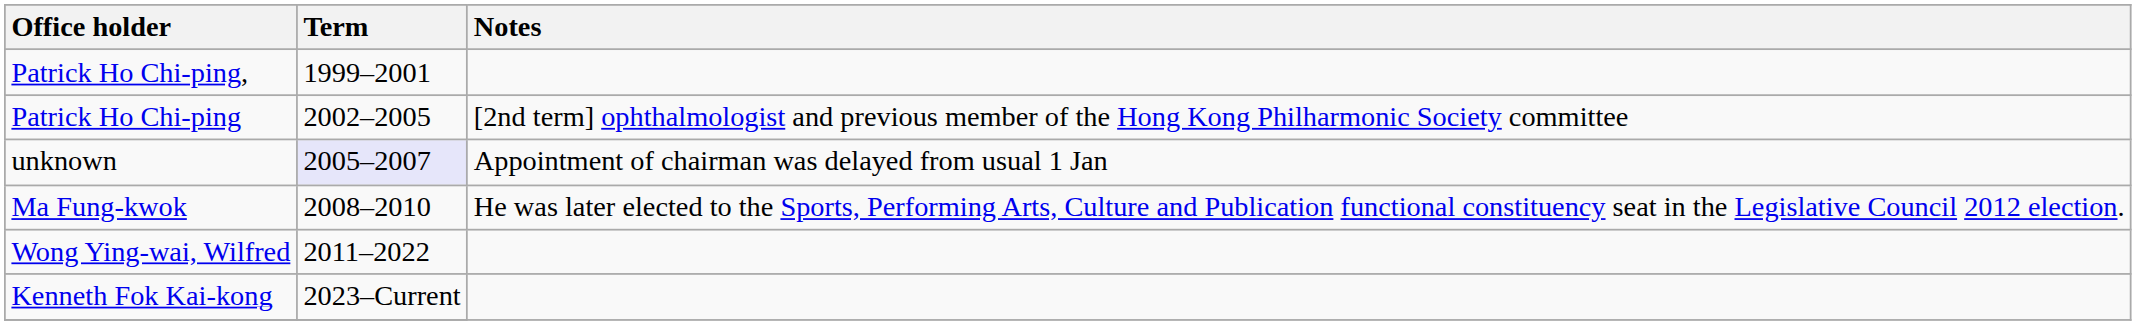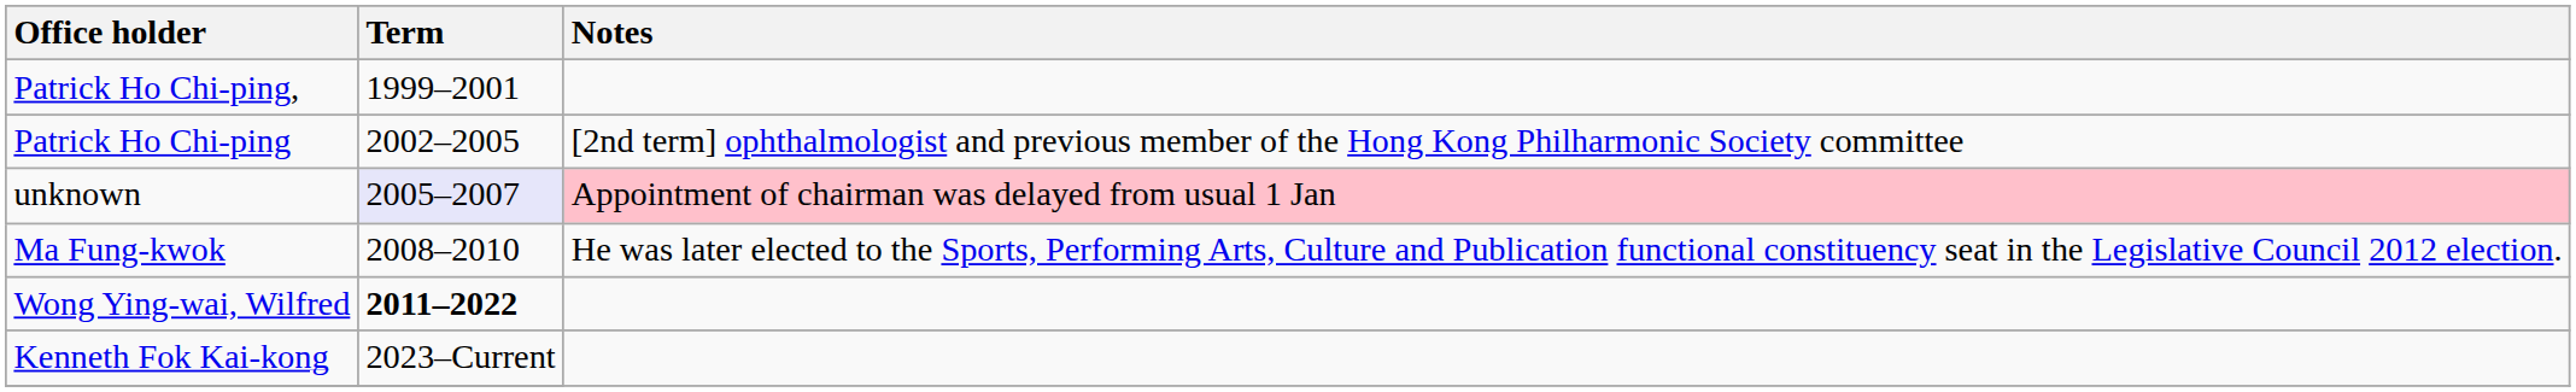 <table class="wikitable">
 <tr>
 <th style="text-align: left;">Office holder</th>
 <th style="text-align: left;">Term</th>
 <th style="text-align: left;">Notes</th>
 </tr>
 <tr>
 <td><a href='#'>Patrick Ho Chi-ping</a>,</td>
 <td>1999–2001</td>
 <td></td>
 </tr>
 <tr>
 <td><a href='#'>Patrick Ho Chi-ping</a></td>
 <td>2002–2005</td>
 <td>[2nd term] <a href='#'>ophthalmologist</a> and previous member of the <a href='#'>Hong Kong Philharmonic Society</a> committee</td>
 </tr>
 <tr>
 <td>unknown</td>
 <td style="background: lavender;">2005–2007</td>
-<td>Appointment of chairman was delayed from usual 1 Jan</td>
+<td style="background: pink;">Appointment of chairman was delayed from usual 1 Jan</td>
 </tr>
 <tr>
 <td><a href='#'>Ma Fung-kwok</a></td>
 <td>2008–2010</td>
 <td>He was later elected to the <a href='#'>Sports, Performing Arts, Culture and Publication</a> <a href='#'>functional constituency</a> seat in the <a href='#'>Legislative Council</a> <a href='#'>2012 election</a>.</td>
 </tr>
 <tr>
 <td><a href='#'>Wong Ying-wai, Wilfred</a></td>
-<td>2011–2022</td>
+<td><strong>2011–2022</strong></td>
 <td></td>
 </tr>
 <tr>
 <td><a href='#'>Kenneth Fok Kai-kong</a></td>
 <td>2023–Current</td>
 </tr>
 <tr>
 </tr>
 </table>
